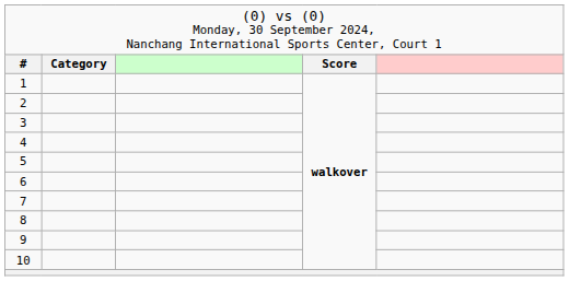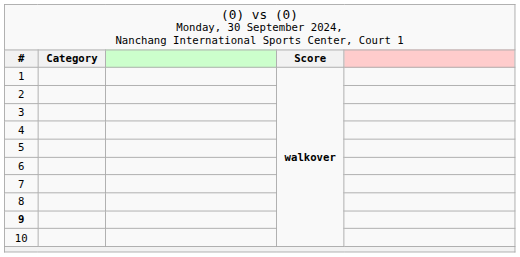 <table class="wikitable mw-collapsible mw-collapsed" style="font-size:90%; text-align:center" width="90%">
 <tr>
 <td colspan="5"><big>(0) <strong></strong> vs  (0)</big><br>Monday, 30 September 2024, <br>Nanchang International Sports Center, Court 1</td>
 </tr>
 <tr>
 <th width="25">#</th>
 <th width="50">Category</th>
 <th style="background-color:#CCFFCC" width="150"></th>
 <th width="50">Score<br></th>
 <th style="background-color:#FFCCCC" width="150"></th>
 </tr>
 <tr>
 <td>1</td>
 <td></td>
 <td align="right"></td>
 <td rowspan="10"><strong>walkover</strong></td>
 <td align="left"></td>
 </tr>
 <tr>
 <td>2</td>
 <td></td>
 <td align="right"></td>
 <td align="left"></td>
 </tr>
 <tr>
 <td>3</td>
 <td></td>
 <td align="right"></td>
 <td align="left"></td>
 </tr>
 <tr>
 <td>4</td>
 <td></td>
 <td align="right"></td>
 <td align="left"></td>
 </tr>
 <tr>
 <td>5</td>
 <td></td>
 <td align="right"></td>
 <td align="left"></td>
 </tr>
 <tr>
 <td>6</td>
 <td></td>
 <td align="right"></td>
 <td align="left"></td>
 </tr>
 <tr>
 <td>7</td>
 <td></td>
 <td align="right"></td>
 <td align="left"></td>
 </tr>
 <tr>
 <td>8</td>
 <td></td>
 <td align="right"></td>
 <td align="left"></td>
 </tr>
 <tr>
-<td>9</td>
+<td><strong>9</strong></td>
 <td></td>
 <td align="right"></td>
 <td align="left"></td>
 </tr>
 <tr>
 <td>10</td>
 <td></td>
 <td align="right"></td>
 <td align="left"></td>
 </tr>
 <tr>
 <th colspan="5"></th>
 </tr>
 </table>
